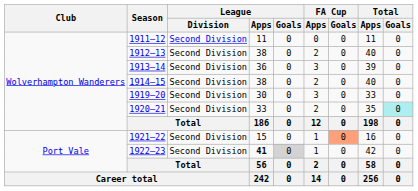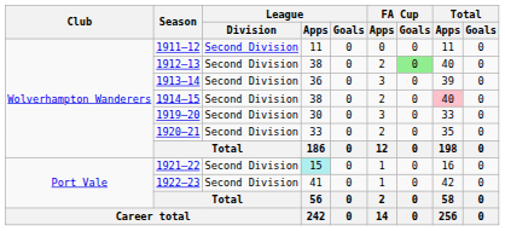 <table class="wikitable" style="text-align: center;">
 <tr>
 <th rowspan="2">Club</th>
 <th rowspan="2">Season</th>
 <th colspan="3">League</th>
 <th colspan="2">FA Cup</th>
 <th colspan="2">Total</th>
 </tr>
 <tr>
 <th>Division</th>
 <th>Apps</th>
 <th>Goals</th>
 <th>Apps</th>
 <th>Goals</th>
 <th>Apps</th>
 <th>Goals</th>
 </tr>
 <tr>
 <td rowspan="7"><a href='#'>Wolverhampton Wanderers</a></td>
 <td><a href='#'>1911–12</a></td>
 <td><a href='#'>Second Division</a></td>
 <td>11</td>
 <td>0</td>
 <td>0</td>
 <td>0</td>
 <td>11</td>
 <td>0</td>
 </tr>
 <tr>
 <td><a href='#'>1912–13</a></td>
 <td>Second Division</td>
 <td>38</td>
 <td>0</td>
 <td>2</td>
-<td>0</td>
+<td style="background: lightgreen;">0</td>
 <td>40</td>
 <td>0</td>
 </tr>
 <tr>
 <td><a href='#'>1913–14</a></td>
 <td>Second Division</td>
 <td>36</td>
 <td>0</td>
 <td>3</td>
 <td>0</td>
 <td>39</td>
 <td>0</td>
 </tr>
 <tr>
 <td><a href='#'>1914–15</a></td>
 <td>Second Division</td>
 <td>38</td>
 <td>0</td>
 <td>2</td>
 <td>0</td>
-<td>40</td>
+<td style="background: pink;">40</td>
 <td>0</td>
 </tr>
 <tr>
 <td><a href='#'>1919–20</a></td>
 <td>Second Division</td>
 <td>30</td>
 <td>0</td>
 <td>3</td>
 <td>0</td>
 <td>33</td>
 <td>0</td>
 </tr>
 <tr>
 <td><a href='#'>1920–21</a></td>
 <td>Second Division</td>
 <td>33</td>
 <td>0</td>
 <td>2</td>
 <td>0</td>
 <td>35</td>
-<td style="background: paleturquoise;">0</td>
+<td>0</td>
 </tr>
 <tr>
 <th colspan="2">Total</th>
 <th>186</th>
 <th>0</th>
 <th>12</th>
 <th>0</th>
 <th>198</th>
 <th>0</th>
 </tr>
 <tr>
 <td rowspan="3"><a href='#'>Port Vale</a></td>
 <td><a href='#'>1921–22</a></td>
 <td>Second Division</td>
-<td>15</td>
+<td style="background: paleturquoise;">15</td>
 <td>0</td>
 <td>1</td>
-<td style="background: lightsalmon;">0</td>
+<td>0</td>
 <td>16</td>
 <td>0</td>
 </tr>
 <tr>
 <td><a href='#'>1922–23</a></td>
 <td>Second Division</td>
-<td><strong>41</strong></td>
-<td style="background: lightgrey;">0</td>
+<td>41</td>
+<td>0</td>
 <td>1</td>
 <td>0</td>
 <td>42</td>
 <td>0</td>
 </tr>
 <tr>
 <th colspan="2">Total</th>
 <th>56</th>
 <th>0</th>
 <th>2</th>
 <th>0</th>
 <th>58</th>
 <th>0</th>
 </tr>
 <tr>
 <th colspan="3">Career total</th>
 <th>242</th>
 <th>0</th>
 <th>14</th>
 <th>0</th>
 <th>256</th>
 <th>0</th>
 </tr>
 </table>
